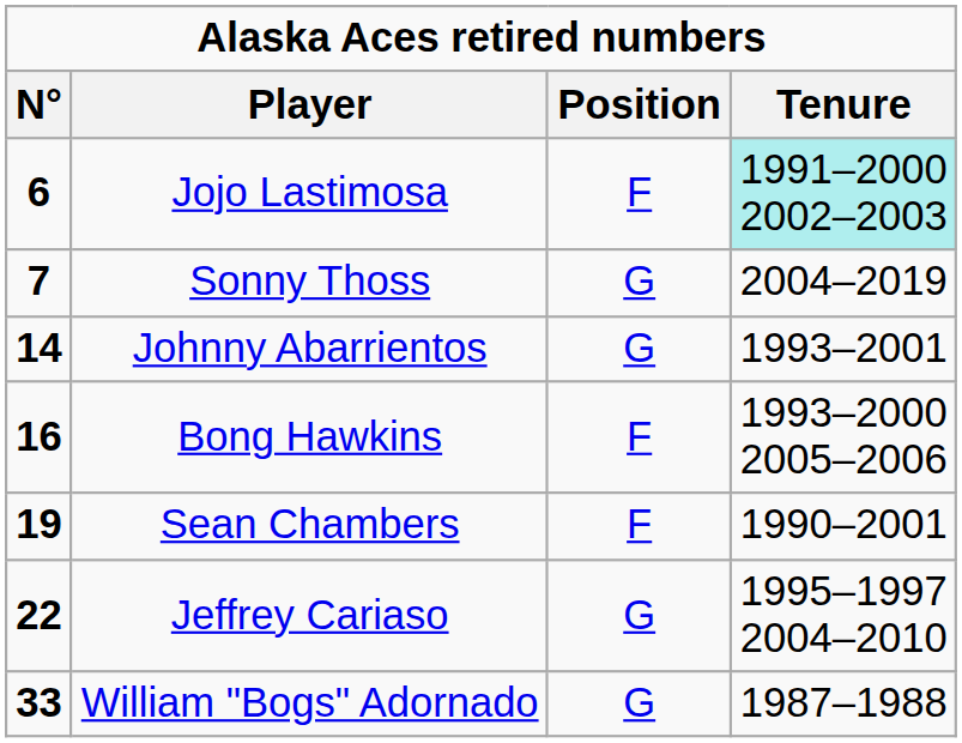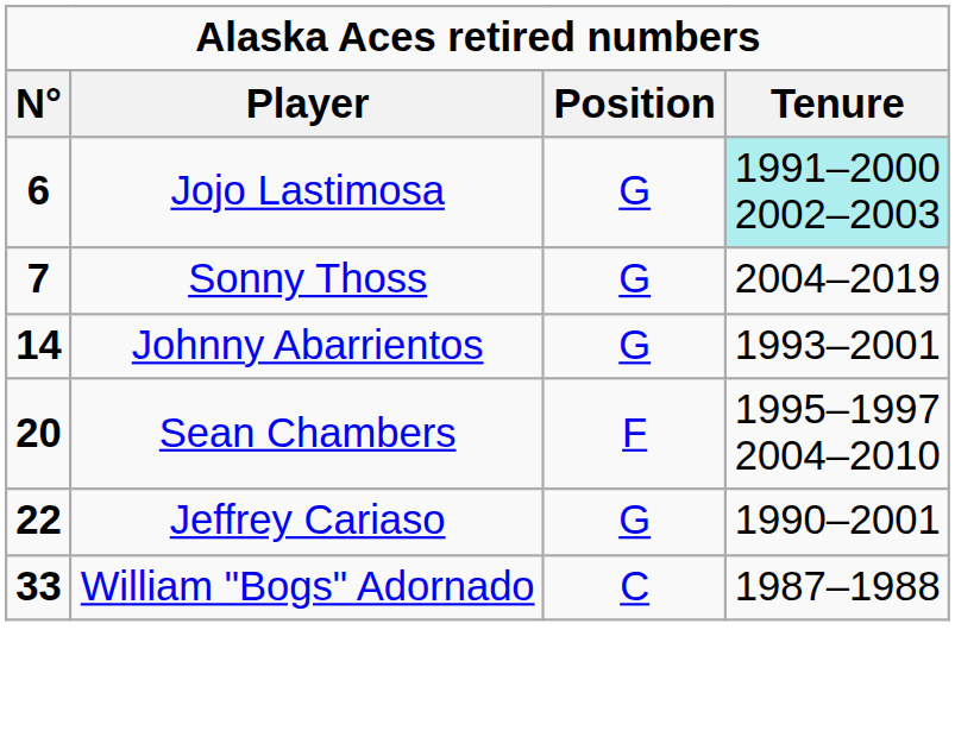 <table class="wikitable sortable" style="text-align:center">
 <tr>
 <td colspan="4"><strong>Alaska Aces retired numbers</strong></td>
 </tr>
 <tr>
 <th>N°</th>
 <th>Player</th>
 <th>Position</th>
 <th>Tenure</th>
 </tr>
 <tr>
 <td><strong>6</strong></td>
 <td><a href='#'>Jojo Lastimosa</a></td>
-<td><a href='#'>F</a></td>
+<td><a href='#'>G</a></td>
 <td style="background: paleturquoise;">1991–2000 <br> 2002–2003</td>
 </tr>
 <tr>
 <td><strong>7</strong></td>
 <td><a href='#'>Sonny Thoss</a></td>
 <td><a href='#'>G</a></td>
 <td>2004–2019</td>
 </tr>
 <tr>
 <td><strong>14</strong></td>
 <td><a href='#'>Johnny Abarrientos</a></td>
 <td><a href='#'>G</a></td>
 <td>1993–2001</td>
 </tr>
 <tr>
-<td><strong>16</strong></td>
-<td><a href='#'>Bong Hawkins</a></td>
-<td><a href='#'>F</a></td>
-<td>1993–2000 <br> 2005–2006</td>
-</tr>
-<tr>
-<td><strong>19</strong></td>
+<td><strong>20</strong></td>
 <td><a href='#'>Sean Chambers</a></td>
 <td><a href='#'>F</a></td>
-<td>1990–2001</td>
+<td>1995–1997 <br> 2004–2010</td>
 </tr>
 <tr>
 <td><strong>22</strong></td>
 <td><a href='#'>Jeffrey Cariaso</a></td>
 <td><a href='#'>G</a></td>
-<td>1995–1997 <br> 2004–2010</td>
+<td>1990–2001</td>
 </tr>
 <tr>
 <td><strong>33</strong></td>
 <td><a href='#'>William "Bogs" Adornado</a></td>
-<td><a href='#'>G</a></td>
+<td><a href='#'>C</a></td>
 <td>1987–1988</td>
 </tr>
 </table>
